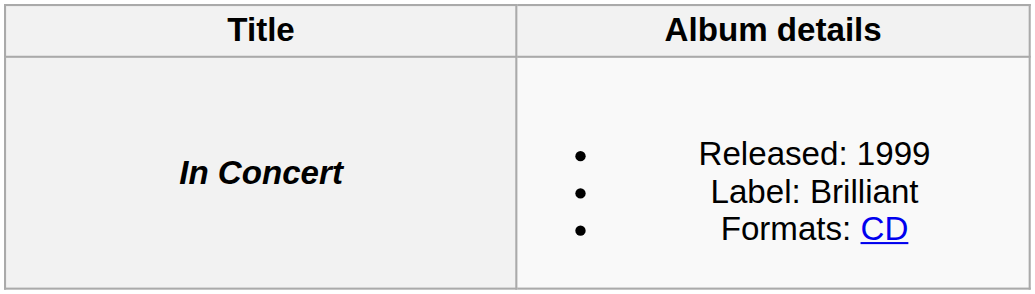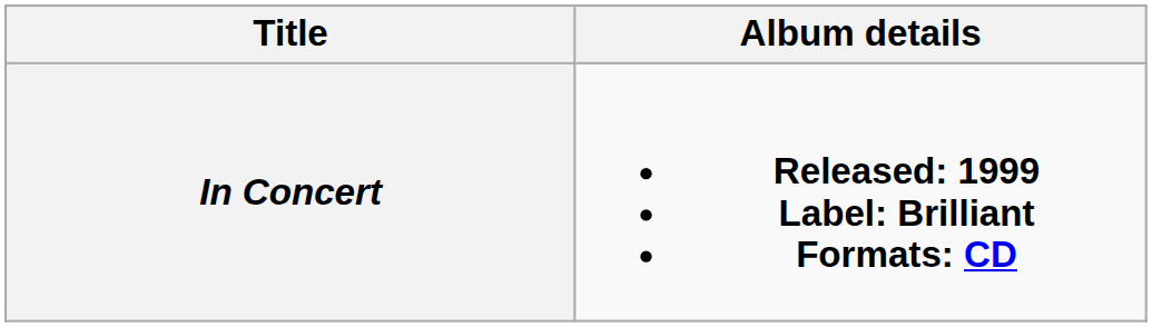 <table class="wikitable plainrowheaders" style="text-align:center;">
 <tr>
 <th scope="col" style="width:15em;">Title</th>
 <th scope="col" style="width:15em;">Album details</th>
 </tr>
 <tr>
 <th scope="row"><em>In Concert</em></th>
-<td><br><ul><li>Released: 1999</li><li>Label: Brilliant</li><li>Formats: <a href='#'>CD</a></li></ul></td>
+<td><strong><br><ul><li>Released: 1999</li><li>Label: Brilliant</li><li>Formats: <a href='#'>CD</a></li></ul></strong></td>
 </tr>
 </table>
